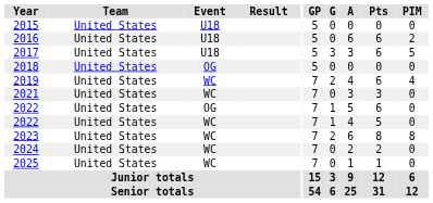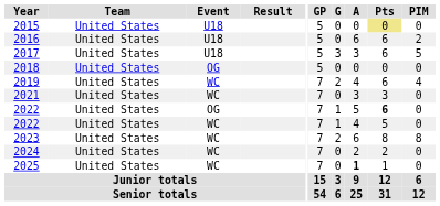 <table border="0" cellpadding="1" cellspacing="0" ID="Table3" style="text-align:center; width:40em">
 <tr ALIGN="center" bgcolor="#e0e0e0">
 <th>Year</th>
 <th>Team</th>
 <th>Event</th>
 <th>Result</th>
 <th rowspan="99" bgcolor="#ffffff"></th>
 <th>GP</th>
 <th>G</th>
 <th>A</th>
 <th>Pts</th>
 <th>PIM</th>
 </tr>
 <tr>
 <td><a href='#'>2015</a></td>
 <td><a href='#'>United States</a></td>
 <td><a href='#'>U18</a></td>
 <td></td>
 <td>5</td>
 <td>0</td>
 <td>0</td>
-<td>0</td>
+<td style="background: khaki;">0</td>
 <td>0</td>
 </tr>
 <tr bgcolor="f0f0f0">
 <td><a href='#'>2016</a></td>
 <td>United States</td>
 <td>U18</td>
 <td></td>
 <td>5</td>
 <td>0</td>
 <td>6</td>
 <td>6</td>
 <td>2</td>
 </tr>
 <tr>
 <td><a href='#'>2017</a></td>
 <td>United States</td>
 <td>U18</td>
 <td></td>
 <td>5</td>
 <td>3</td>
 <td>3</td>
 <td>6</td>
 <td>5</td>
 </tr>
 <tr bgcolor="f0f0f0">
 <td><a href='#'>2018</a></td>
 <td><a href='#'>United States</a></td>
 <td><a href='#'>OG</a></td>
 <td></td>
 <td>5</td>
 <td>0</td>
 <td>0</td>
 <td>0</td>
 <td>0</td>
 </tr>
 <tr>
 <td><a href='#'>2019</a></td>
 <td>United States</td>
 <td><a href='#'>WC</a></td>
 <td></td>
 <td>7</td>
 <td>2</td>
 <td>4</td>
 <td>6</td>
 <td>4</td>
 </tr>
 <tr bgcolor="f0f0f0">
 <td><a href='#'>2021</a></td>
 <td>United States</td>
 <td>WC</td>
 <td></td>
 <td>7</td>
 <td>0</td>
 <td>3</td>
 <td>3</td>
 <td>0</td>
 </tr>
 <tr>
 <td><a href='#'>2022</a></td>
 <td>United States</td>
 <td>OG</td>
 <td></td>
 <td>7</td>
 <td>1</td>
 <td>5</td>
-<td>6</td>
+<td><strong>6</strong></td>
 <td>0</td>
 </tr>
 <tr bgcolor="f0f0f0">
 <td><a href='#'>2022</a></td>
 <td>United States</td>
 <td>WC</td>
 <td></td>
 <td>7</td>
 <td>1</td>
 <td>4</td>
 <td>5</td>
 <td>0</td>
 </tr>
 <tr>
 <td><a href='#'>2023</a></td>
 <td>United States</td>
 <td>WC</td>
 <td></td>
 <td>7</td>
 <td>2</td>
 <td>6</td>
 <td>8</td>
 <td>8</td>
 </tr>
 <tr bgcolor="#f0f0f0">
 <td><a href='#'>2024</a></td>
 <td>United States</td>
 <td>WC</td>
 <td></td>
 <td>7</td>
 <td>0</td>
 <td>2</td>
 <td>2</td>
 <td>0</td>
 </tr>
 <tr>
 <td><a href='#'>2025</a></td>
 <td>United States</td>
 <td>WC</td>
 <td></td>
 <td>7</td>
 <td>0</td>
-<td>1</td>
+<td><strong>1</strong></td>
 <td>1</td>
 <td>0</td>
 </tr>
 <tr bgcolor="#e0e0e0">
 <th colspan="4">Junior totals</th>
 <th>15</th>
 <th>3</th>
 <th>9</th>
 <th>12</th>
 <th>6</th>
 </tr>
 <tr bgcolor="#e0e0e0">
 <th colspan="4">Senior totals</th>
 <th>54</th>
 <th>6</th>
 <th>25</th>
 <th>31</th>
 <th>12</th>
 </tr>
 </table>
